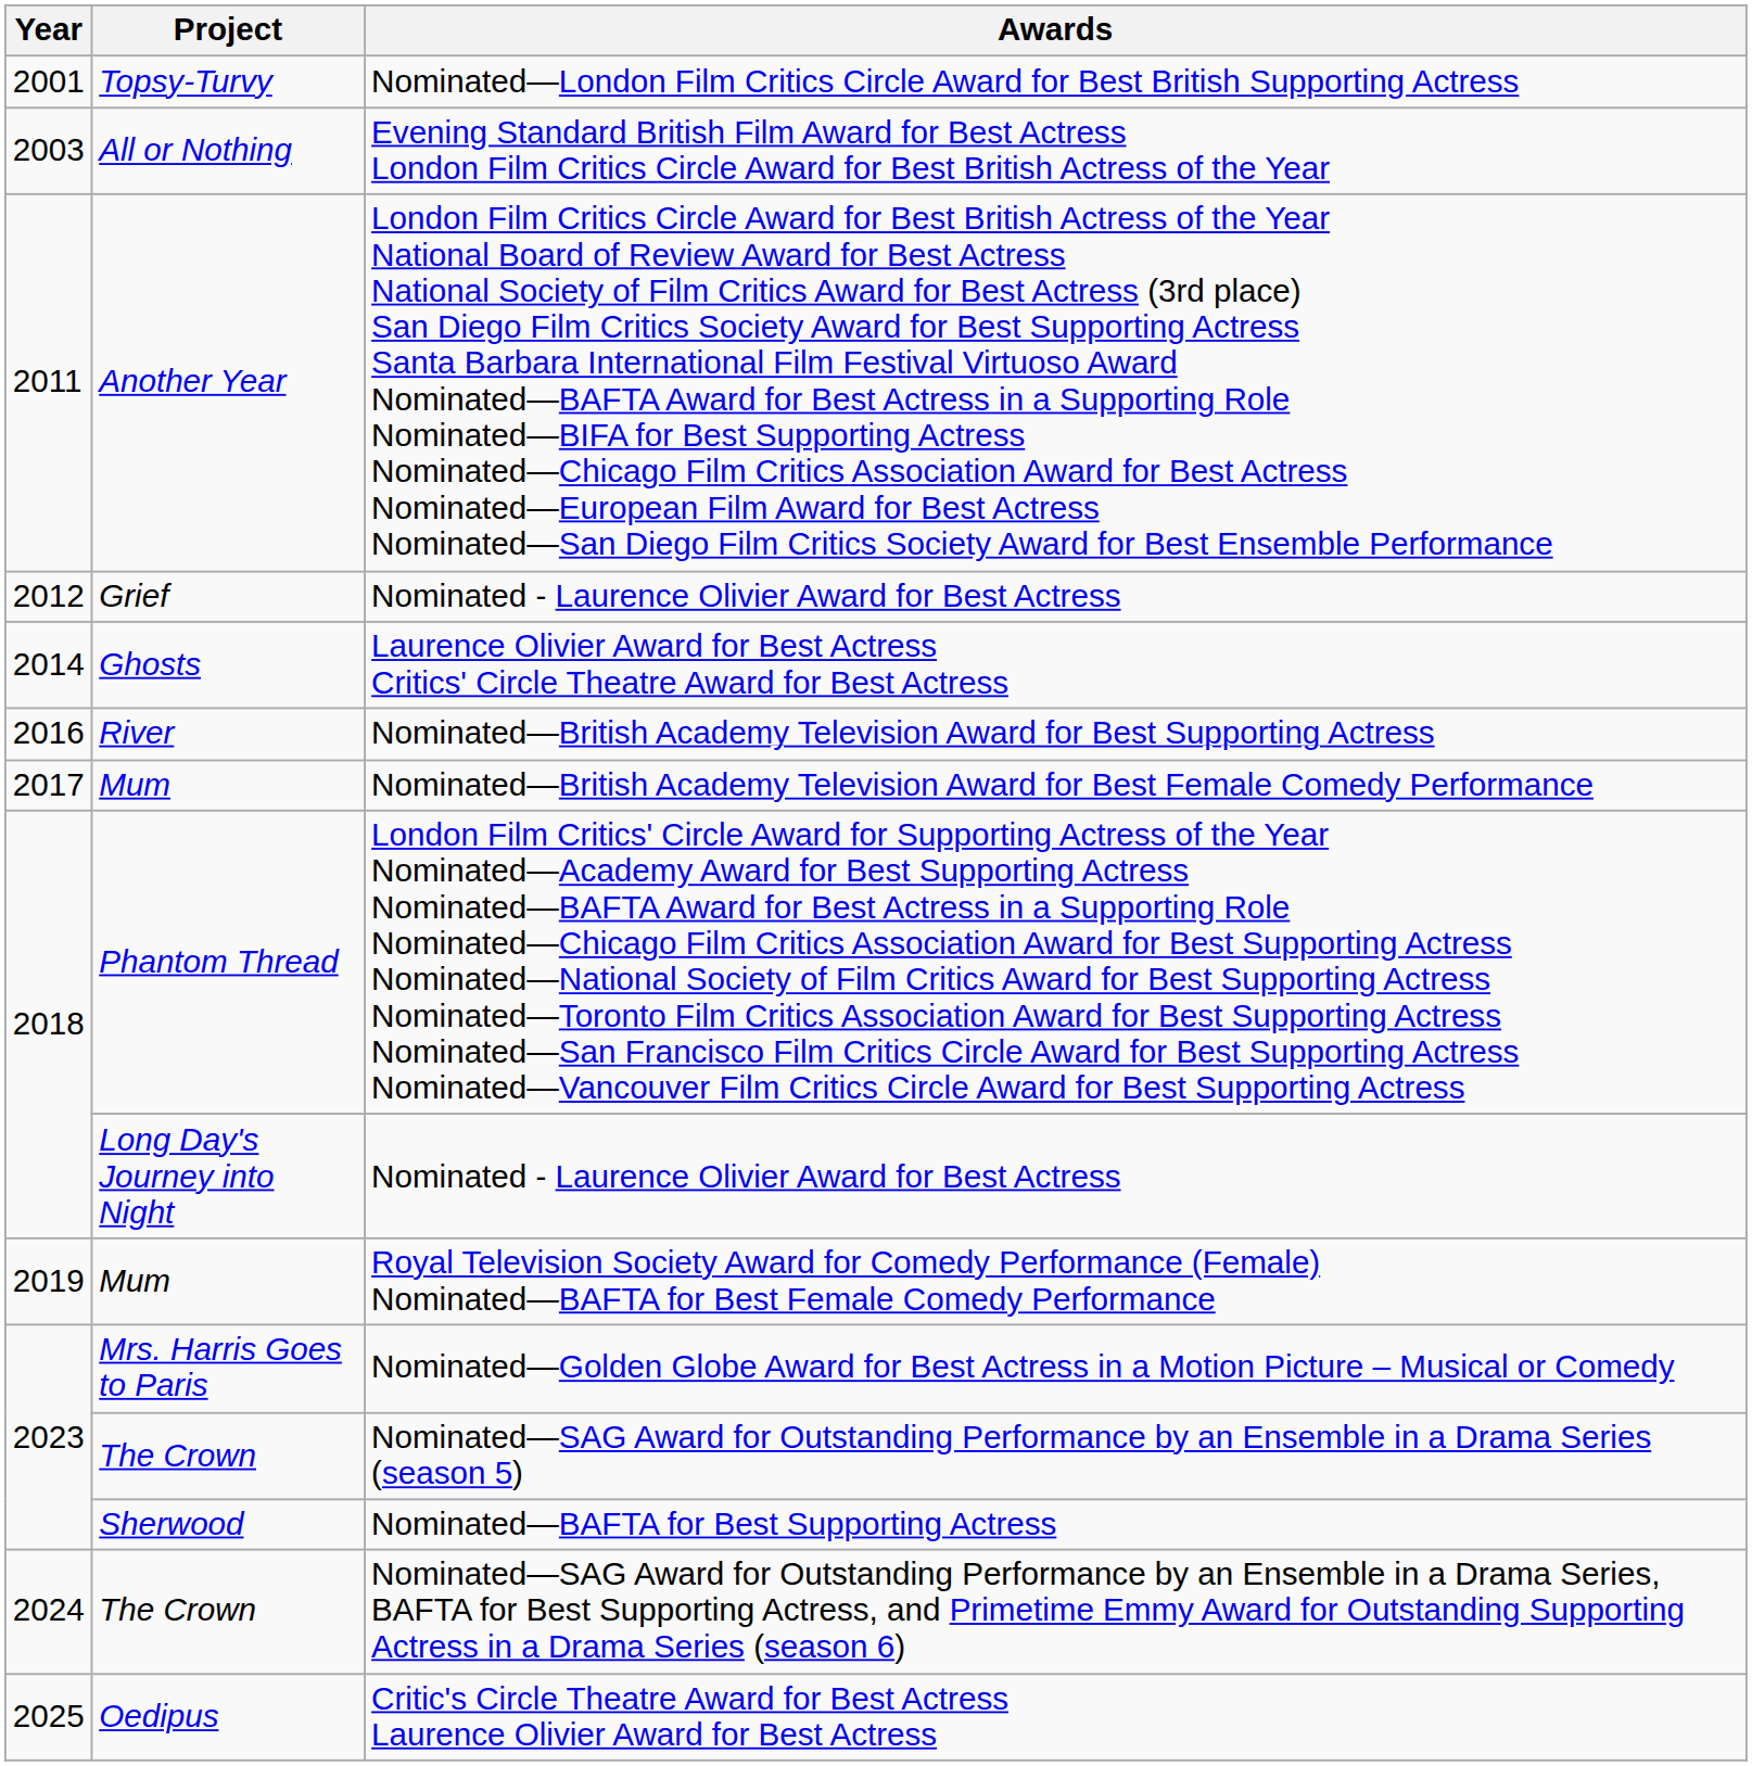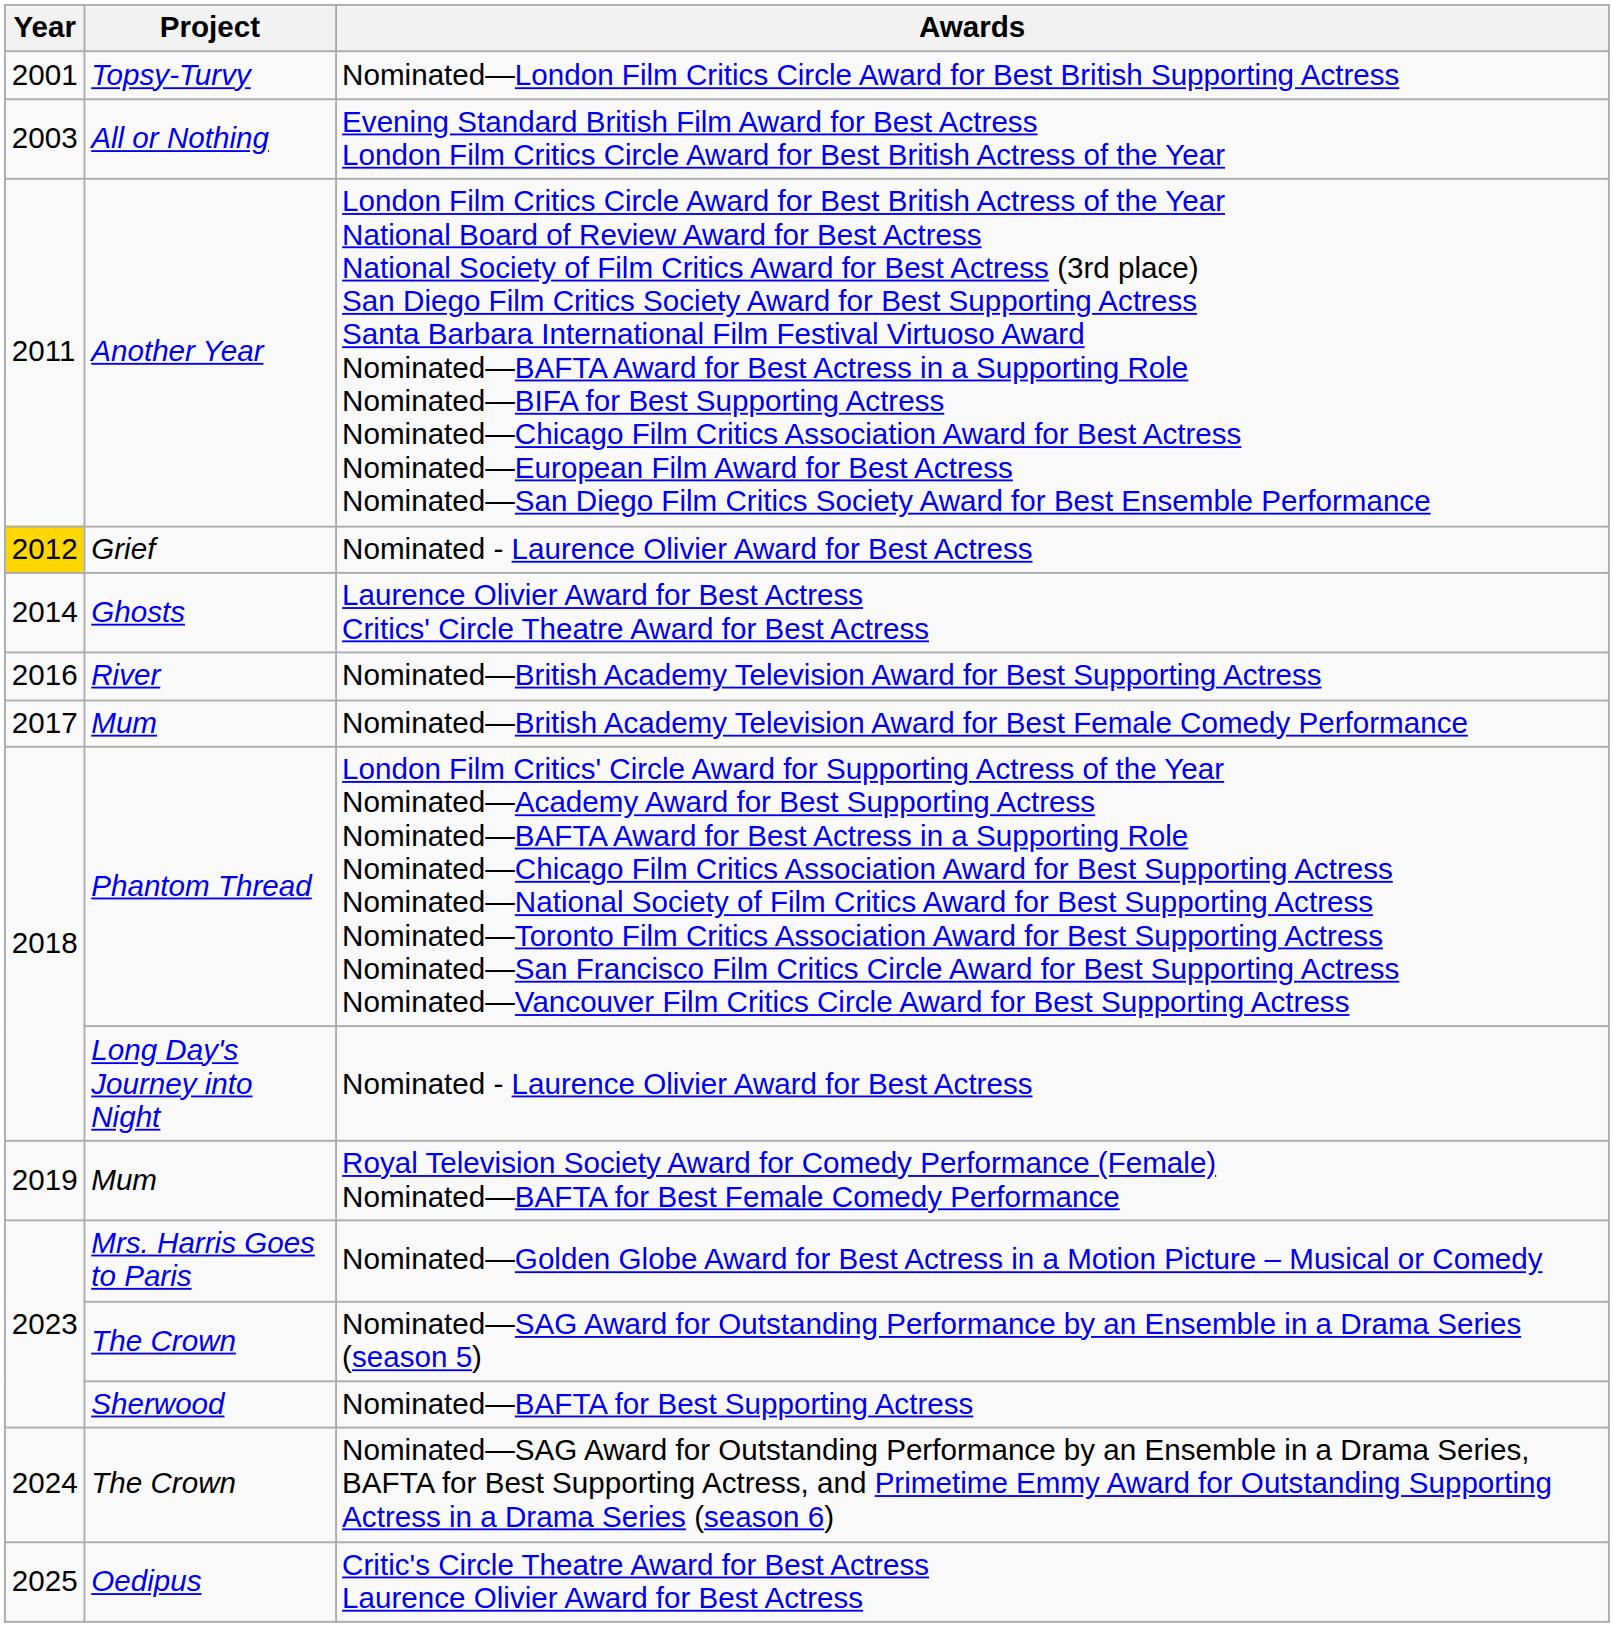 <table class="wikitable sortable">
 <tr>
 <th>Year</th>
 <th>Project</th>
 <th>Awards</th>
 </tr>
 <tr>
 <td>2001</td>
 <td><em><a href='#'>Topsy-Turvy</a></em></td>
 <td>Nominated—<a href='#'>London Film Critics Circle Award for Best British Supporting Actress</a></td>
 </tr>
 <tr>
 <td>2003</td>
 <td><em><a href='#'>All or Nothing</a></em></td>
 <td><a href='#'>Evening Standard British Film Award for Best Actress</a><br><a href='#'>London Film Critics Circle Award for Best British Actress of the Year</a></td>
 </tr>
 <tr>
 <td>2011</td>
 <td><em><a href='#'>Another Year</a></em></td>
 <td><a href='#'>London Film Critics Circle Award for Best British Actress of the Year</a><br><a href='#'>National Board of Review Award for Best Actress</a><br><a href='#'>National Society of Film Critics Award for Best Actress</a> (3rd place)<br><a href='#'>San Diego Film Critics Society Award for Best Supporting Actress</a><br> <a href='#'>Santa Barbara International Film Festival Virtuoso Award</a><br>Nominated—<a href='#'>BAFTA Award for Best Actress in a Supporting Role</a><br>Nominated—<a href='#'>BIFA for Best Supporting Actress</a><br>Nominated—<a href='#'>Chicago Film Critics Association Award for Best Actress</a><br>Nominated—<a href='#'>European Film Award for Best Actress</a><br>Nominated—<a href='#'>San Diego Film Critics Society Award for Best Ensemble Performance</a></td>
 </tr>
 <tr>
-<td>2012</td>
+<td style="background: gold;">2012</td>
 <td><em>Grief</em></td>
 <td>Nominated - <a href='#'>Laurence Olivier Award for Best Actress</a></td>
 </tr>
 <tr>
 <td>2014</td>
 <td><a href='#'><em>Ghosts</em></a></td>
 <td><a href='#'>Laurence Olivier Award for Best Actress</a><br> <a href='#'>Critics' Circle Theatre Award for Best Actress</a></td>
 </tr>
 <tr>
 <td>2016</td>
 <td><em><a href='#'>River</a></em></td>
 <td>Nominated—<a href='#'>British Academy Television Award for Best Supporting Actress</a></td>
 </tr>
 <tr>
 <td>2017</td>
 <td><em><a href='#'>Mum</a></em></td>
 <td>Nominated—<a href='#'>British Academy Television Award for Best Female Comedy Performance</a></td>
 </tr>
 <tr>
 <td rowspan="2">2018</td>
 <td><em><a href='#'>Phantom Thread</a></em></td>
 <td><a href='#'>London Film Critics' Circle Award for Supporting Actress of the Year</a><br>Nominated—<a href='#'>Academy Award for Best Supporting Actress</a><br>Nominated—<a href='#'>BAFTA Award for Best Actress in a Supporting Role</a><br>Nominated—<a href='#'>Chicago Film Critics Association Award for Best Supporting Actress</a><br>Nominated—<a href='#'>National Society of Film Critics Award for Best Supporting Actress</a><br>Nominated—<a href='#'>Toronto Film Critics Association Award for Best Supporting Actress</a><br>Nominated—<a href='#'>San Francisco Film Critics Circle Award for Best Supporting Actress</a><br>Nominated—<a href='#'>Vancouver Film Critics Circle Award for Best Supporting Actress</a></td>
 </tr>
 <tr>
 <td><a href='#'><em>Long Day's Journey into Night</em></a></td>
 <td>Nominated - <a href='#'>Laurence Olivier Award for Best Actress</a></td>
 </tr>
 <tr>
 <td>2019</td>
 <td><em>Mum</em></td>
 <td><a href='#'>Royal Television Society Award for Comedy Performance (Female)</a><br>Nominated—<a href='#'>BAFTA for Best Female Comedy Performance</a></td>
 </tr>
 <tr>
 <td rowspan="3">2023</td>
 <td><em><a href='#'>Mrs. Harris Goes to Paris</a></em></td>
 <td>Nominated—<a href='#'>Golden Globe Award for Best Actress in a Motion Picture – Musical or Comedy</a></td>
 </tr>
 <tr>
 <td><em><a href='#'>The Crown</a></em></td>
 <td>Nominated—<a href='#'>SAG Award for Outstanding Performance by an Ensemble in a Drama Series</a> (<a href='#'>season 5</a>)</td>
 </tr>
 <tr>
 <td><em><a href='#'>Sherwood</a></em></td>
 <td>Nominated—<a href='#'>BAFTA for Best Supporting Actress</a></td>
 </tr>
 <tr>
 <td>2024</td>
 <td><em>The Crown</em></td>
 <td>Nominated—SAG Award for Outstanding Performance by an Ensemble in a Drama Series, BAFTA for Best Supporting Actress, and <a href='#'>Primetime Emmy Award for Outstanding Supporting Actress in a Drama Series</a> (<a href='#'>season 6</a>)</td>
 </tr>
 <tr>
 <td>2025</td>
 <td><em><a href='#'>Oedipus</a></em></td>
 <td><a href='#'>Critic's Circle Theatre Award for Best Actress</a> <br> <a href='#'>Laurence Olivier Award for Best Actress</a></td>
 </tr>
 </table>
